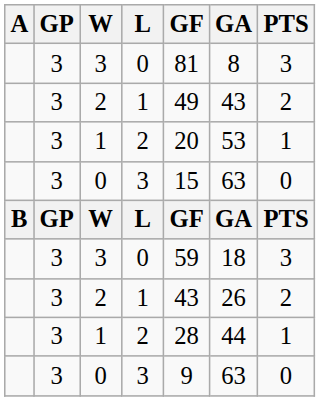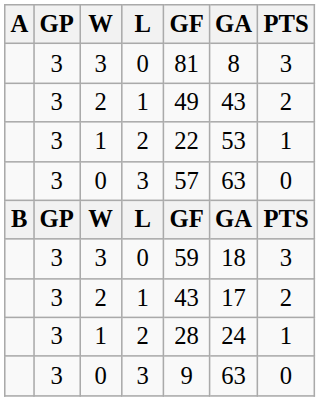 <table class="wikitable" style="text-align:center">
 <tr>
 <th>A</th>
 <th>GP</th>
 <th width=20>W</th>
 <th width=20>L</th>
 <th>GF</th>
 <th>GA</th>
 <th>PTS</th>
 </tr>
 <tr>
 <td align="left"></td>
 <td>3</td>
 <td>3</td>
 <td>0</td>
 <td>81</td>
 <td>8</td>
 <td>3</td>
 </tr>
 <tr>
 <td align="left"></td>
 <td>3</td>
 <td>2</td>
 <td>1</td>
 <td>49</td>
 <td>43</td>
 <td>2</td>
 </tr>
 <tr>
 <td align="left"></td>
 <td>3</td>
 <td>1</td>
 <td>2</td>
-<td>20</td>
+<td>22</td>
 <td>53</td>
 <td>1</td>
 </tr>
 <tr>
 <td align="left"></td>
 <td>3</td>
 <td>0</td>
 <td>3</td>
-<td>15</td>
+<td>57</td>
 <td>63</td>
 <td>0</td>
 </tr>
 <tr>
 <th>B</th>
 <th>GP</th>
 <th>W</th>
 <th>L</th>
 <th>GF</th>
 <th>GA</th>
 <th>PTS</th>
 </tr>
 <tr>
 <td align="left"></td>
 <td>3</td>
 <td>3</td>
 <td>0</td>
 <td>59</td>
 <td>18</td>
 <td>3</td>
 </tr>
 <tr>
 <td align="left"></td>
 <td>3</td>
 <td>2</td>
 <td>1</td>
 <td>43</td>
-<td>26</td>
+<td>17</td>
 <td>2</td>
 </tr>
 <tr>
 <td align="left"></td>
 <td>3</td>
 <td>1</td>
 <td>2</td>
 <td>28</td>
-<td>44</td>
+<td>24</td>
 <td>1</td>
 </tr>
 <tr>
 <td align="left"></td>
 <td>3</td>
 <td>0</td>
 <td>3</td>
 <td>9</td>
 <td>63</td>
 <td>0</td>
 </tr>
 </table>
